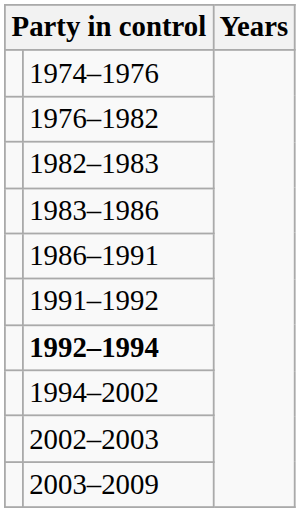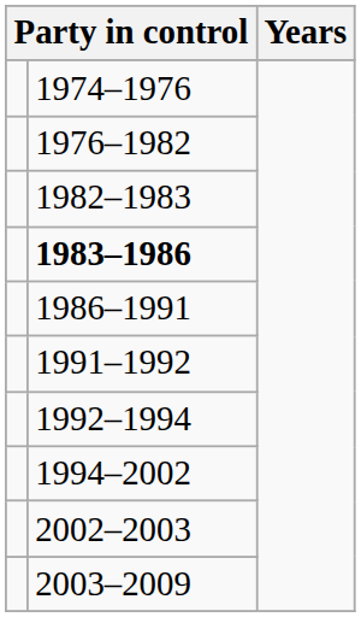 <table class="wikitable">
 <tr>
 <th colspan="2">Party in control</th>
 <th>Years</th>
 </tr>
 <tr>
 <td></td>
 <td>1974–1976</td>
 </tr>
 <tr>
 <td></td>
 <td>1976–1982</td>
 </tr>
 <tr>
 <td></td>
 <td>1982–1983</td>
 </tr>
 <tr>
 <td></td>
-<td>1983–1986</td>
+<td><strong>1983–1986</strong></td>
 </tr>
 <tr>
 <td></td>
 <td>1986–1991</td>
 </tr>
 <tr>
 <td></td>
 <td>1991–1992</td>
 </tr>
 <tr>
 <td></td>
-<td><strong>1992–1994</strong></td>
+<td>1992–1994</td>
 </tr>
 <tr>
 <td></td>
 <td>1994–2002</td>
 </tr>
 <tr>
 <td></td>
 <td>2002–2003</td>
 </tr>
 <tr>
 <td></td>
 <td>2003–2009</td>
 </tr>
 </table>
